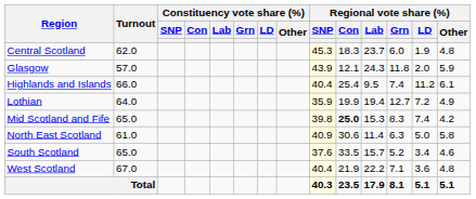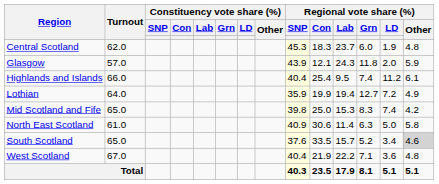 <table class="wikitable sortable">
 <tr>
 <th rowspan="3" scope="col"><a href='#'>Region</a></th>
 <th rowspan="3" scope="col">Turnout</th>
 <th colspan="6">Constituency vote share (%)</th>
 <th colspan="6">Regional vote share (%)</th>
 </tr>
 <tr>
 <th scope="col"><a href='#'>SNP</a></th>
 <th scope="col"><a href='#'>Con</a></th>
 <th scope="col"><a href='#'>Lab</a></th>
 <th scope="col"><a href='#'>Grn</a></th>
 <th scope="col"><a href='#'>LD</a></th>
 <th scope="col" rowspan=2>Other</th>
 <th scope="col"><a href='#'>SNP</a></th>
 <th scope="col"><a href='#'>Con</a></th>
 <th scope="col"><a href='#'>Lab</a></th>
 <th scope="col"><a href='#'>Grn</a></th>
 <th scope="col"><a href='#'>LD</a></th>
 <th scope="col" rowspan=2>Other</th>
 </tr>
 <tr class="sorttop">
 <th scope="col" style="background:"></th>
 <th scope="col" style="background:"></th>
 <th scope="col" style="background:"></th>
 <th scope="col" style="background:"></th>
 <th scope="col" style="background:"></th>
 <th scope="col" style="background:"></th>
 <th scope="col" style="background:"></th>
 <th scope="col" style="background:"></th>
 <th scope="col" style="background:"></th>
 <th scope="col" style="background:"></th>
 </tr>
 <tr>
 <td><a href='#'>Central Scotland</a></td>
 <td>62.0</td>
 <td></td>
 <td></td>
 <td></td>
 <td></td>
 <td></td>
 <td></td>
 <td style="background:#FEFDDE;">45.3</td>
 <td>18.3</td>
 <td>23.7</td>
 <td>6.0</td>
 <td>1.9</td>
 <td>4.8</td>
 </tr>
 <tr>
 <td><a href='#'>Glasgow</a></td>
 <td>57.0</td>
 <td></td>
 <td></td>
 <td></td>
 <td></td>
 <td></td>
 <td></td>
 <td style="background:#FEFDDE;">43.9</td>
 <td>12.1</td>
 <td>24.3</td>
 <td>11.8</td>
 <td>2.0</td>
 <td>5.9</td>
 </tr>
 <tr>
 <td><a href='#'>Highlands and Islands</a></td>
 <td>66.0</td>
 <td></td>
 <td></td>
 <td></td>
 <td></td>
 <td></td>
 <td></td>
 <td style="background:#FEFDDE;">40.4</td>
 <td>25.4</td>
 <td>9.5</td>
 <td>7.4</td>
 <td>11.2</td>
 <td>6.1</td>
 </tr>
 <tr>
 <td><a href='#'>Lothian</a></td>
 <td>64.0</td>
 <td></td>
 <td></td>
 <td></td>
 <td></td>
 <td></td>
 <td></td>
 <td style="background:#FEFDDE;">35.9</td>
 <td>19.9</td>
 <td>19.4</td>
 <td>12.7</td>
 <td>7.2</td>
 <td>4.9</td>
 </tr>
 <tr>
 <td><a href='#'>Mid Scotland and Fife</a></td>
 <td>65.0</td>
 <td></td>
 <td></td>
 <td></td>
 <td></td>
 <td></td>
 <td></td>
 <td style="background:#FEFDDE;">39.8</td>
-<td><strong>25.0</strong></td>
+<td>25.0</td>
 <td>15.3</td>
 <td>8.3</td>
 <td>7.4</td>
 <td>4.2</td>
 </tr>
 <tr>
 <td><a href='#'>North East Scotland</a></td>
 <td>61.0</td>
 <td></td>
 <td></td>
 <td></td>
 <td></td>
 <td></td>
 <td></td>
 <td style="background:#FEFDDE;">40.9</td>
 <td>30.6</td>
 <td>11.4</td>
 <td>6.3</td>
 <td>5.0</td>
 <td>5.8</td>
 </tr>
 <tr>
 <td><a href='#'>South Scotland</a></td>
 <td>65.0</td>
 <td></td>
 <td></td>
 <td></td>
 <td></td>
 <td></td>
 <td></td>
 <td style="background:#FEFDDE;">37.6</td>
 <td>33.5</td>
 <td>15.7</td>
 <td>5.2</td>
 <td>3.4</td>
-<td>4.6</td>
+<td style="background: lightgrey;">4.6</td>
 </tr>
 <tr>
 <td><a href='#'>West Scotland</a></td>
 <td>67.0</td>
 <td></td>
 <td></td>
 <td></td>
 <td></td>
 <td></td>
 <td></td>
 <td style="background:#FEFDDE;">40.4</td>
 <td>21.9</td>
 <td>22.2</td>
 <td>7.1</td>
 <td>3.6</td>
 <td>4.8</td>
 </tr>
 <tr class="sortbottom" style="font-weight:bold">
 <th colspan="2" style="text-align:right;">Total</th>
 <td></td>
 <td></td>
 <td></td>
 <td></td>
 <td></td>
 <td></td>
 <td style="background:#FEFDDE;">40.3</td>
 <td>23.5</td>
 <td>17.9</td>
 <td>8.1</td>
 <td>5.1</td>
 <td>5.1</td>
 </tr>
 </table>
